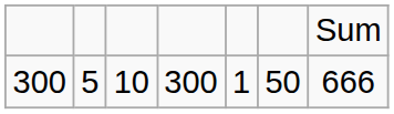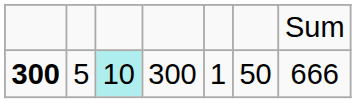 <table class="wikitable" style="text-align:center; float:center;">
 <tr>
 <td></td>
 <td></td>
 <td></td>
 <td></td>
 <td></td>
 <td></td>
 <td>Sum</td>
 </tr>
 <tr>
-<td>300</td>
+<td><strong>300</strong></td>
 <td>5</td>
-<td>10</td>
+<td style="background: paleturquoise;">10</td>
 <td>300</td>
 <td>1</td>
 <td>50</td>
 <td>666</td>
 </tr>
 </table>
